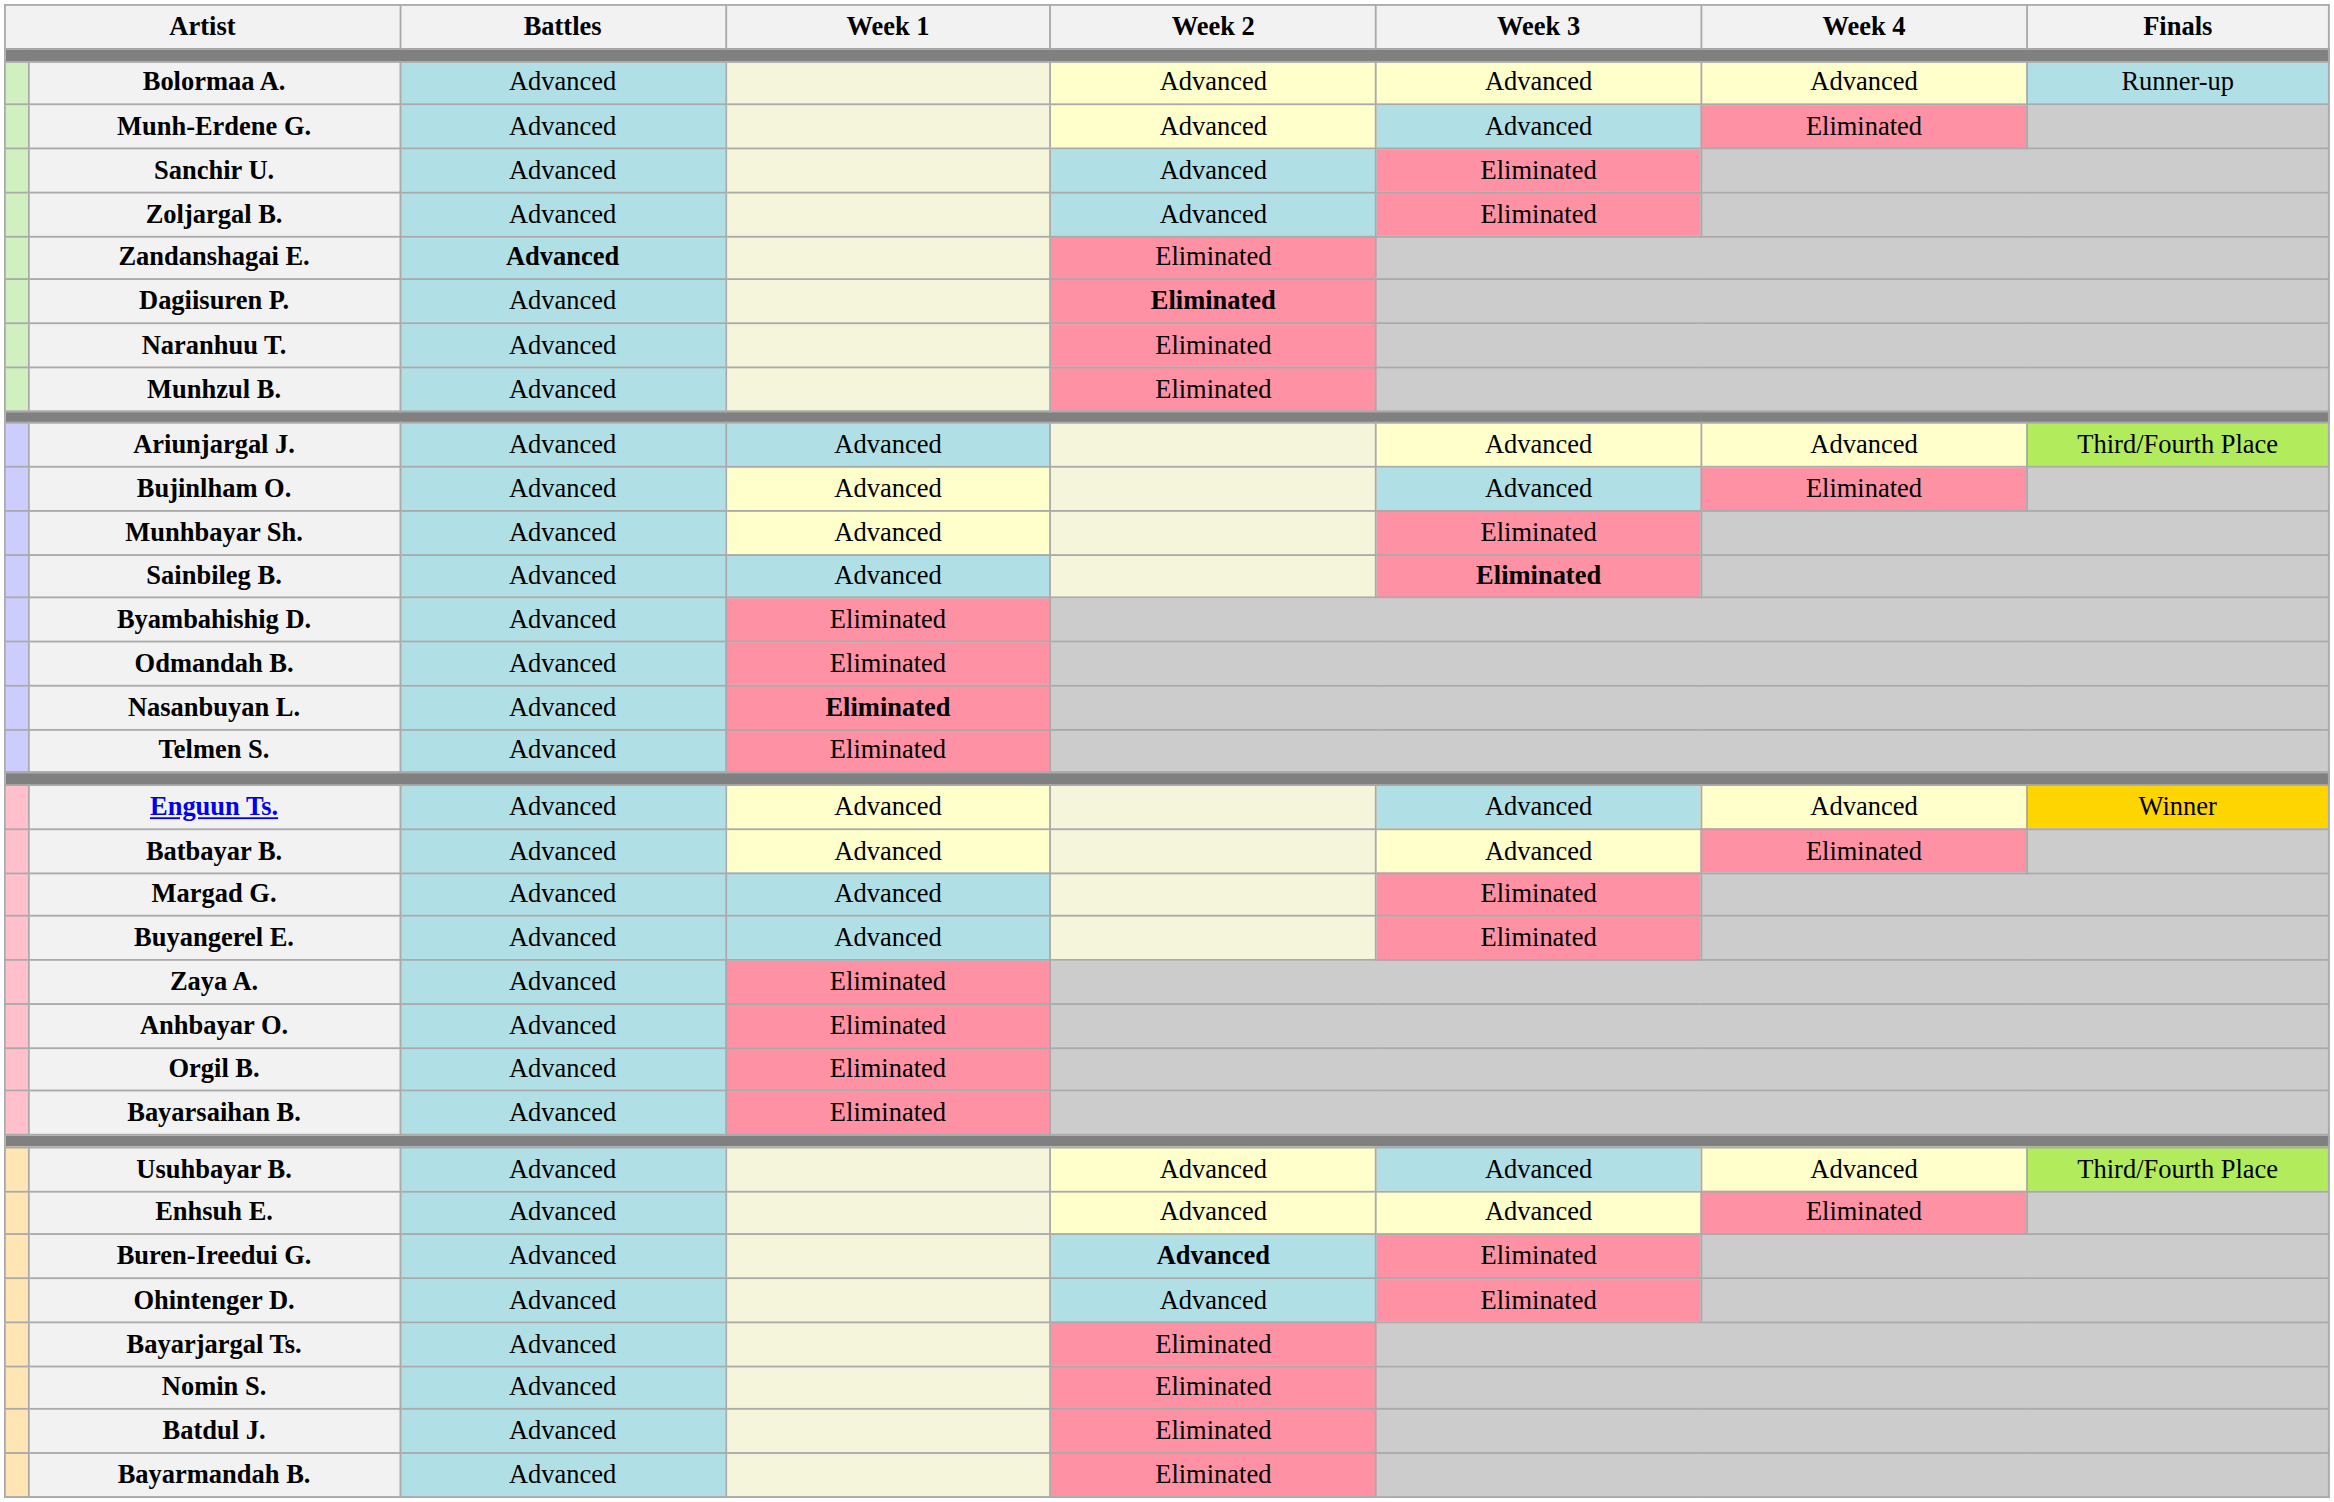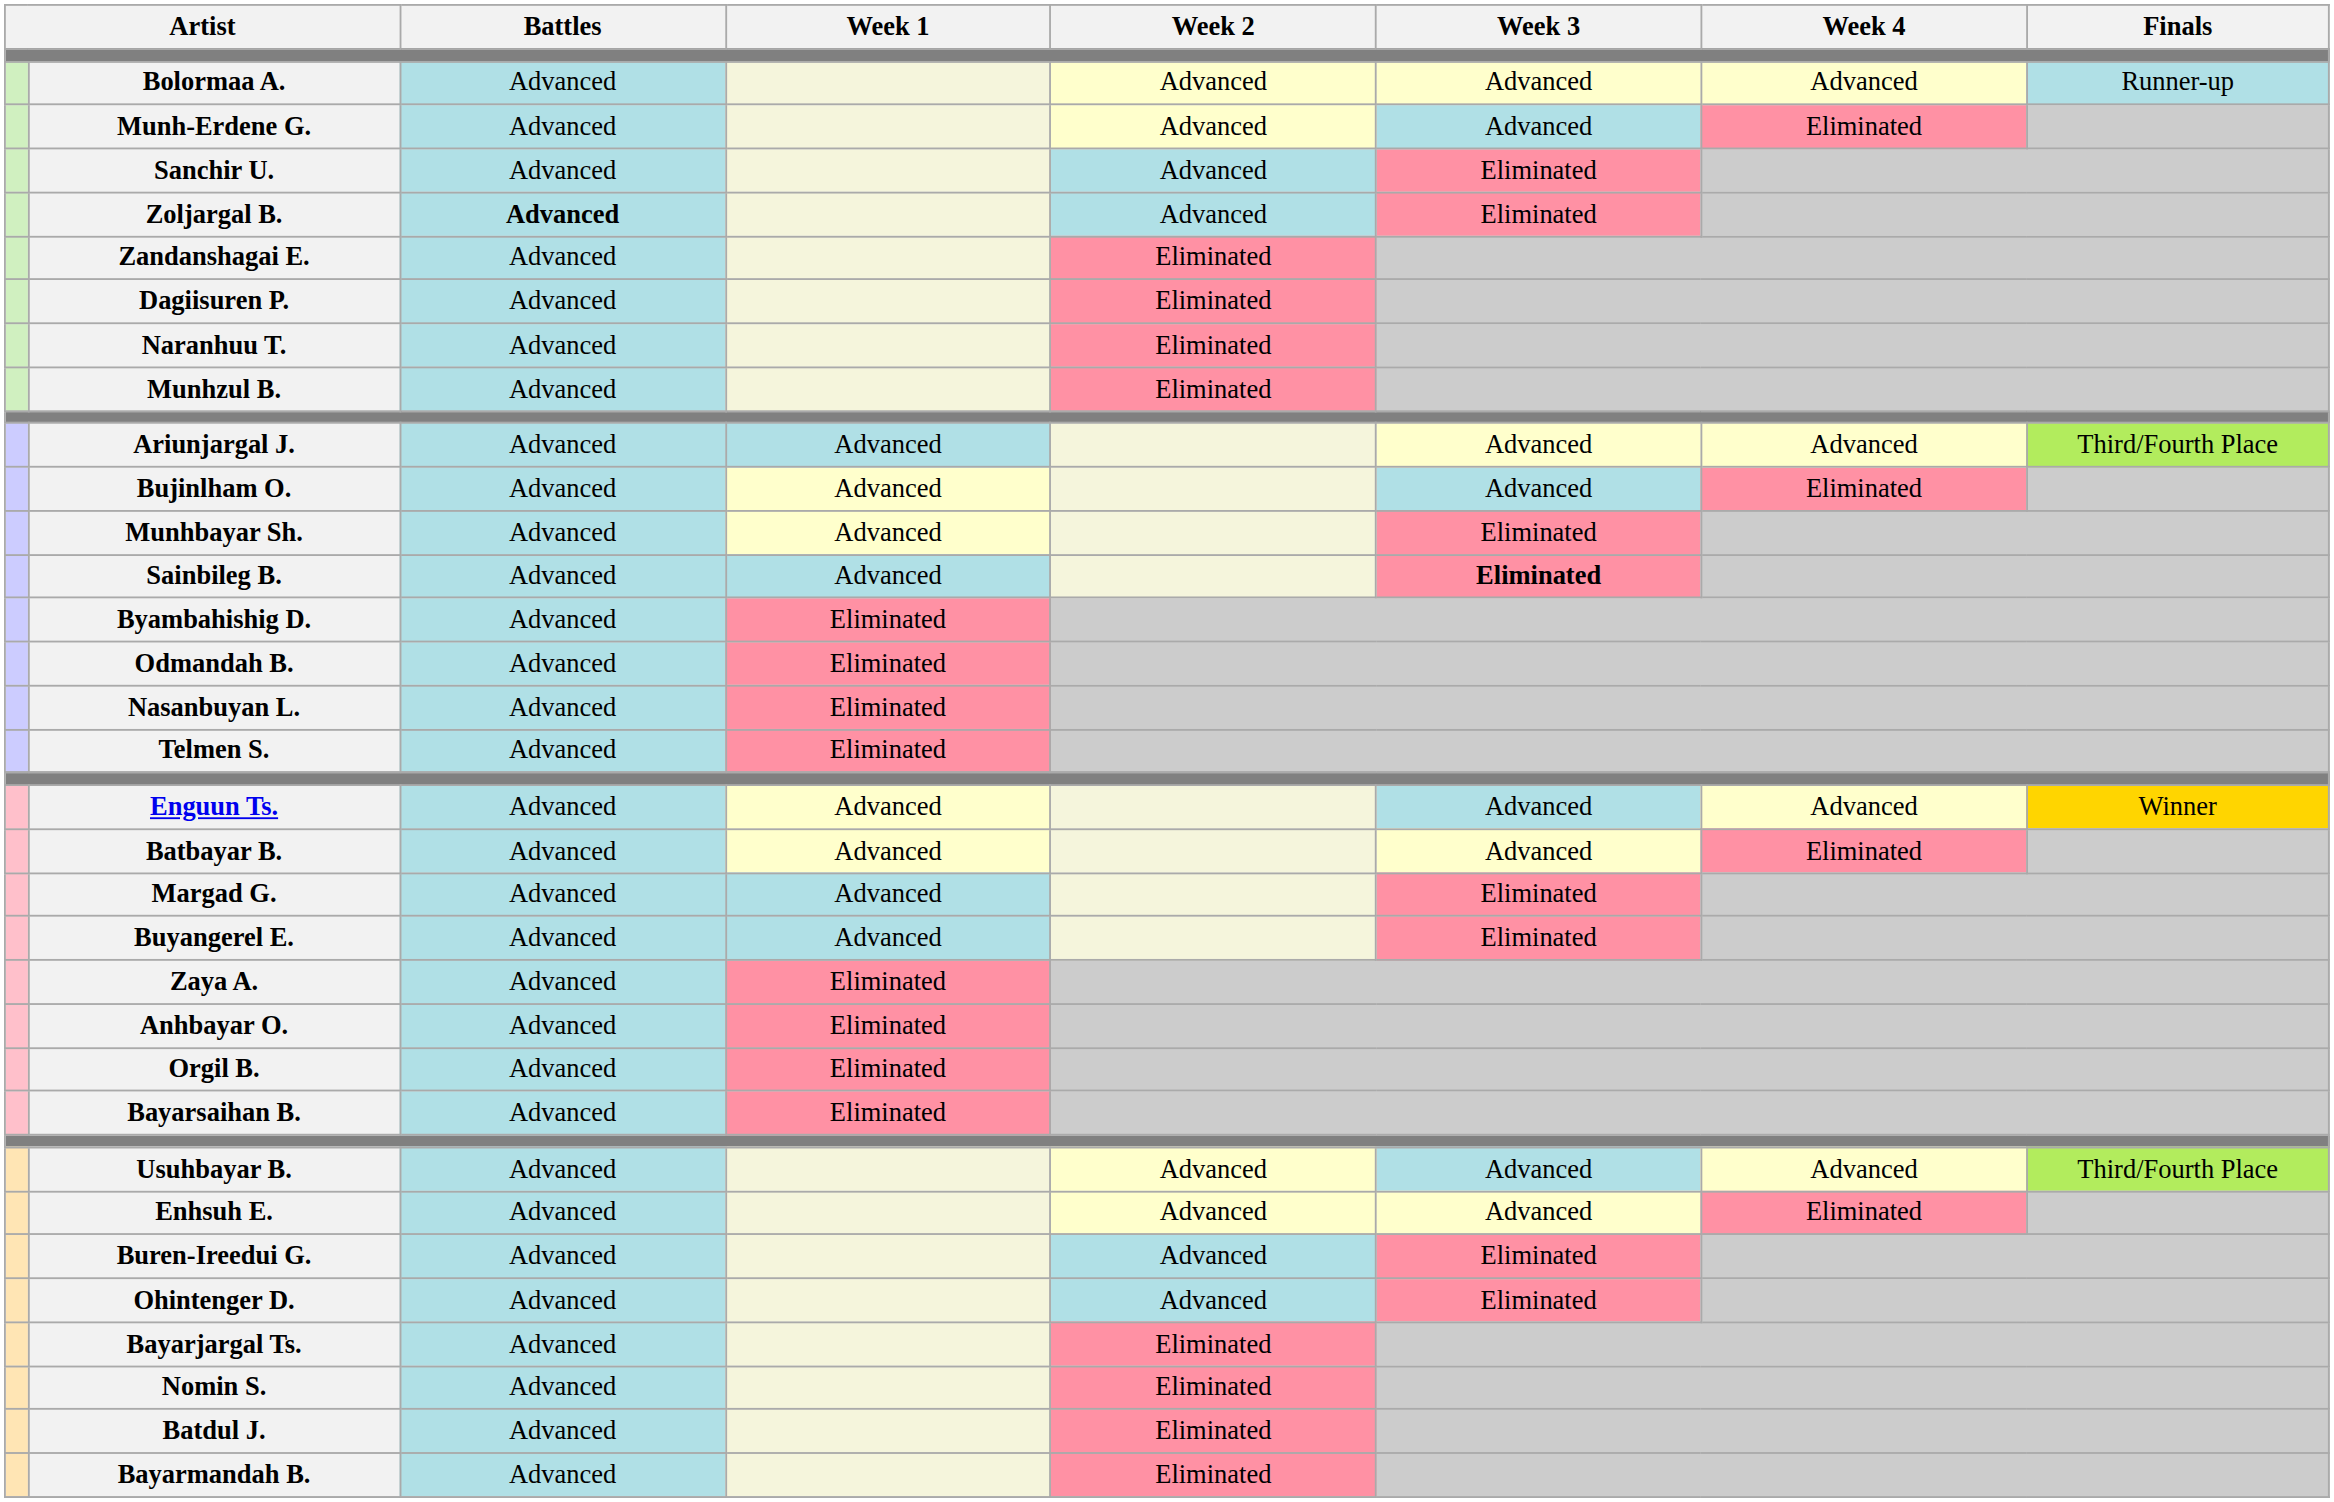 <table class="wikitable"  style="font-size:90%; text-align:center; line-height:17px; width:100%;">
 <tr>
 <th colspan="2" width="17%;">Artist</th>
 <th width="14%;">Battles</th>
 <th width="14%;">Week 1</th>
 <th width="14%;">Week 2</th>
 <th width="14%;">Week 3</th>
 <th width="14%;">Week 4</th>
 <th width="14%;">Finals</th>
 </tr>
 <tr>
 <th colspan="9" style="background:gray;"></th>
 </tr>
 <tr>
 <td style="background:#d0f0c0;"></td>
 <th>Bolormaa A.</th>
 <td style="background:#B0E0E6;">Advanced</td>
 <td style="background:#F5F5DC;"></td>
 <td style="background:#FFFFCC;">Advanced</td>
 <td style="background:#FFFFCC;">Advanced</td>
 <td style="background:#FFFFCC;">Advanced</td>
 <td style="background:#B0E0E6;">Runner-up</td>
 </tr>
 <tr>
 <td style="background:#d0f0c0;"></td>
 <th>Munh-Erdene G.</th>
 <td style="background:#B0E0E6;">Advanced</td>
 <td style="background:#F5F5DC;"></td>
 <td style="background:#FFFFCC;">Advanced</td>
 <td style="background:#B0E0E6;">Advanced</td>
 <td style="background:#FF91A4;">Eliminated</td>
 <td colspan="1" style="background:#ccc;"></td>
 </tr>
 <tr>
 <td style="background:#d0f0c0;"></td>
 <th>Sanchir U.</th>
 <td style="background:#B0E0E6;">Advanced</td>
 <td style="background:#F5F5DC;"></td>
 <td style="background:#B0E0E6;">Advanced</td>
 <td style="background:#FF91A4;">Eliminated</td>
 <td colspan="2" style="background:#ccc;"></td>
 </tr>
 <tr>
 <td style="background:#d0f0c0;"></td>
 <th>Zoljargal B.</th>
-<td style="background:#B0E0E6;">Advanced</td>
+<td style="background:#B0E0E6;"><strong>Advanced</strong></td>
 <td style="background:#F5F5DC;"></td>
 <td style="background:#B0E0E6;">Advanced</td>
 <td style="background:#FF91A4;">Eliminated</td>
 <td colspan="2" style="background:#ccc;"></td>
 </tr>
 <tr>
 <td style="background:#d0f0c0;"></td>
 <th>Zandanshagai E.</th>
-<td style="background:#B0E0E6;"><strong>Advanced</strong></td>
+<td style="background:#B0E0E6;">Advanced</td>
 <td style="background:#F5F5DC;"></td>
 <td style="background:#FF91A4;">Eliminated</td>
 <td colspan="3" style="background:#ccc;"></td>
 </tr>
 <tr>
 <td style="background:#d0f0c0;"></td>
 <th>Dagiisuren P.</th>
 <td style="background:#B0E0E6;">Advanced</td>
 <td style="background:#F5F5DC;"></td>
-<td style="background:#FF91A4;"><strong>Eliminated</strong></td>
+<td style="background:#FF91A4;">Eliminated</td>
 <td colspan="3" style="background:#ccc;"></td>
 </tr>
 <tr>
 <td style="background:#d0f0c0;"></td>
 <th>Naranhuu T.</th>
 <td style="background:#B0E0E6;">Advanced</td>
 <td style="background:#F5F5DC;"></td>
 <td style="background:#FF91A4;">Eliminated</td>
 <td colspan="3" style="background:#ccc;"></td>
 </tr>
 <tr>
 <td style="background:#d0f0c0;"></td>
 <th>Munhzul B.</th>
 <td style="background:#B0E0E6;">Advanced</td>
 <td style="background:#F5F5DC;"></td>
 <td style="background:#FF91A4;">Eliminated</td>
 <td colspan="3" style="background:#ccc;"></td>
 </tr>
 <tr>
 <th colspan="9" style="background:gray;"></th>
 </tr>
 <tr>
 <td style="background:#ccf;"></td>
 <th>Ariunjargal J.</th>
 <td style="background:#B0E0E6;">Advanced</td>
 <td style="background:#B0E0E6;">Advanced</td>
 <td style="background:#F5F5DC;"></td>
 <td style="background:#FFFFCC;">Advanced</td>
 <td style="background:#FFFFCC;">Advanced</td>
 <td style="background:#B2EC5D;">Third/Fourth Place</td>
 </tr>
 <tr>
 <td style="background:#ccf;"></td>
 <th style="width:16%;">Bujinlham O.</th>
 <td style="background:#B0E0E6;">Advanced</td>
 <td style="background:#FFFFCC;">Advanced</td>
 <td style="background:#F5F5DC;"></td>
 <td style="background:#B0E0E6;">Advanced</td>
 <td style="background:#FF91A4;">Eliminated</td>
 <td colspan="1" style="background:#ccc;"></td>
 </tr>
 <tr>
 <th style="background:#ccf;"></th>
 <th>Munhbayar Sh.</th>
 <td style="background:#B0E0E6;">Advanced</td>
 <td style="background:#FFFFCC;">Advanced</td>
 <td style="background:#F5F5DC;"></td>
 <td style="background:#FF91A4;">Eliminated</td>
 <td colspan="2" style="background:#ccc;"></td>
 </tr>
 <tr>
 <th style="background:#ccf;"></th>
 <th>Sainbileg B.</th>
 <td style="background:#B0E0E6;">Advanced</td>
 <td style="background:#B0E0E6;">Advanced</td>
 <td style="background:#F5F5DC;"></td>
 <td style="background:#FF91A4;"><strong>Eliminated</strong></td>
 <td colspan="2" style="background:#ccc;"></td>
 </tr>
 <tr>
 <th style="background:#ccf;"></th>
 <th>Byambahishig D.</th>
 <td style="background:#B0E0E6;">Advanced</td>
 <td style="background:#FF91A4;">Eliminated</td>
 <td colspan="4" style="background:#ccc;"></td>
 </tr>
 <tr>
 <th style="background:#ccf;"></th>
 <th>Odmandah B.</th>
 <td style="background:#B0E0E6;">Advanced</td>
 <td style="background:#FF91A4;">Eliminated</td>
 <td colspan="4" style="background:#ccc;"></td>
 </tr>
 <tr>
 <th style="background:#ccf;"></th>
 <th>Nasanbuyan L.</th>
 <td style="background:#B0E0E6;">Advanced</td>
-<td style="background:#FF91A4;"><strong>Eliminated</strong></td>
+<td style="background:#FF91A4;">Eliminated</td>
 <td colspan="4" style="background:#ccc;"></td>
 </tr>
 <tr>
 <th style="background:#ccf;"></th>
 <th>Telmen S.</th>
 <td style="background:#B0E0E6;">Advanced</td>
 <td style="background:#FF91A4;">Eliminated</td>
 <td colspan="4" style="background:#ccc;"></td>
 </tr>
 <tr>
 </tr>
 <tr>
 <th colspan="9" style="background:gray;"></th>
 </tr>
 <tr>
 <td style="background:pink;"></td>
 <th><a href='#'>Enguun Ts.</a></th>
 <td style="background:#B0E0E6;">Advanced</td>
 <td style="background:#FFFFCC;">Advanced</td>
 <td style="background:#F5F5DC;"></td>
 <td style="background:#B0E0E6;">Advanced</td>
 <td style="background:#FFFFCC;">Advanced</td>
 <td style="background:#FFD500;">Winner</td>
 </tr>
 <tr>
 <th style="background:pink;"></th>
 <th>Batbayar B.</th>
 <td style="background:#B0E0E6;">Advanced</td>
 <td style="background:#FFFFCC;">Advanced</td>
 <td style="background:#F5F5DC;"></td>
 <td style="background:#FFFFCC;">Advanced</td>
 <td style="background:#FF91A4;">Eliminated</td>
 <td colspan="1" style="background:#ccc;"></td>
 </tr>
 <tr>
 <td style="background:pink;"></td>
 <th>Margad G.</th>
 <td style="background:#B0E0E6;">Advanced</td>
 <td style="background:#B0E0E6;">Advanced</td>
 <td style="background:#F5F5DC;"></td>
 <td style="background:#FF91A4;">Eliminated</td>
 <td colspan="2" style="background:#ccc;"></td>
 </tr>
 <tr>
 <td style="background:pink;"></td>
 <th>Buyangerel E.</th>
 <td style="background:#B0E0E6;">Advanced</td>
 <td style="background:#B0E0E6;">Advanced</td>
 <td style="background:#F5F5DC;"></td>
 <td style="background:#FF91A4;">Eliminated</td>
 <td colspan="2" style="background:#ccc;"></td>
 </tr>
 <tr>
 <th style="background:pink;"></th>
 <th>Zaya A.</th>
 <td style="background:#B0E0E6;">Advanced</td>
 <td style="background:#FF91A4;">Eliminated</td>
 <td colspan="4" style="background:#ccc;"></td>
 </tr>
 <tr>
 <th style="background:pink;"></th>
 <th>Anhbayar O.</th>
 <td style="background:#B0E0E6;">Advanced</td>
 <td style="background:#FF91A4;">Eliminated</td>
 <td colspan="4" style="background:#ccc;"></td>
 </tr>
 <tr>
 <th style="background:pink;"></th>
 <th>Orgil B.</th>
 <td style="background:#B0E0E6;">Advanced</td>
 <td style="background:#FF91A4;">Eliminated</td>
 <td colspan="4" style="background:#ccc;"></td>
 </tr>
 <tr>
 <th style="background:pink;"></th>
 <th>Bayarsaihan B.</th>
 <td style="background:#B0E0E6;">Advanced</td>
 <td style="background:#FF91A4;">Eliminated</td>
 <td colspan="4" style="background:#ccc;"></td>
 </tr>
 <tr>
 <th colspan="9" style="background:gray;"></th>
 </tr>
 <tr>
 <td style="background:#ffe5b4;"></td>
 <th>Usuhbayar B.</th>
 <td style="background:#B0E0E6;">Advanced</td>
 <td style="background:#F5F5DC;"></td>
 <td style="background:#FFFFCC;">Advanced</td>
 <td style="background:#B0E0E6;">Advanced</td>
 <td style="background:#FFFFCC;">Advanced</td>
 <td style="background:#B2EC5D;">Third/Fourth Place</td>
 </tr>
 <tr>
 <td style="background:#ffe5b4;"></td>
 <th>Enhsuh E.</th>
 <td style="background:#B0E0E6;">Advanced</td>
 <td style="background:#F5F5DC;"></td>
 <td style="background:#FFFFCC;">Advanced</td>
 <td style="background:#FFFFCC;">Advanced</td>
 <td style="background:#FF91A4;">Eliminated</td>
 <td colspan="1" style="background:#ccc;"></td>
 </tr>
 <tr>
 <th style="background:#ffe5b4;"></th>
 <th>Buren-Ireedui G.</th>
 <td style="background:#B0E0E6;">Advanced</td>
 <td style="background:#F5F5DC;"></td>
-<td style="background:#B0E0E6;"><strong>Advanced</strong></td>
+<td style="background:#B0E0E6;">Advanced</td>
 <td style="background:#FF91A4;">Eliminated</td>
 <td colspan="2" style="background:#ccc;"></td>
 </tr>
 <tr>
 <th style="background:#ffe5b4;"></th>
 <th>Ohintenger D.</th>
 <td style="background:#B0E0E6;">Advanced</td>
 <td style="background:#F5F5DC;"></td>
 <td style="background:#B0E0E6;">Advanced</td>
 <td style="background:#FF91A4;">Eliminated</td>
 <td colspan="2" style="background:#ccc;"></td>
 </tr>
 <tr>
 <th style="background:#ffe5b4;"></th>
 <th>Bayarjargal Ts.</th>
 <td style="background:#B0E0E6;">Advanced</td>
 <td style="background:#F5F5DC;"></td>
 <td style="background:#FF91A4;">Eliminated</td>
 <td colspan="3" style="background:#ccc;"></td>
 </tr>
 <tr>
 <th style="background:#ffe5b4;"></th>
 <th>Nomin S.</th>
 <td style="background:#B0E0E6;">Advanced</td>
 <td style="background:#F5F5DC;"></td>
 <td style="background:#FF91A4;">Eliminated</td>
 <td colspan="3" style="background:#ccc;"></td>
 </tr>
 <tr>
 <th style="background:#ffe5b4;"></th>
 <th>Batdul J.</th>
 <td style="background:#B0E0E6;">Advanced</td>
 <td style="background:#F5F5DC;"></td>
 <td style="background:#FF91A4;">Eliminated</td>
 <td colspan="3" style="background:#ccc;"></td>
 </tr>
 <tr>
 <th style="background:#ffe5b4;"></th>
 <th>Bayarmandah B.</th>
 <td style="background:#B0E0E6;">Advanced</td>
 <td style="background:#F5F5DC;"></td>
 <td style="background:#FF91A4;">Eliminated</td>
 <td colspan="3" style="background:#ccc;"></td>
 </tr>
 <tr>
 </tr>
 </table>
